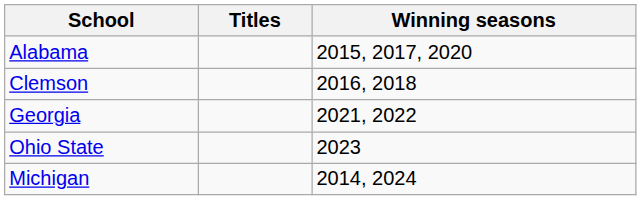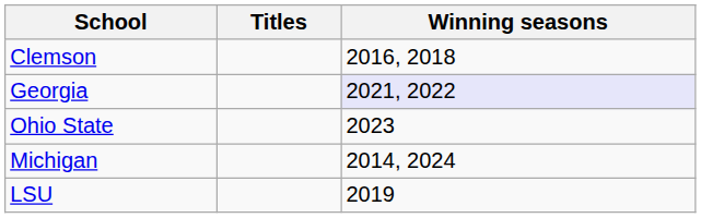 <table class="wikitable sortable" style="width:40%">
 <tr>
 <th width=px>School</th>
 <th width=px>Titles</th>
 <th width=px>Winning seasons</th>
-</tr>
-<tr>
-<td><a href='#'>Alabama</a></td>
-<td></td>
-<td>2015, 2017, 2020</td>
 </tr>
 <tr>
 <td><a href='#'>Clemson</a></td>
 <td></td>
 <td>2016, 2018</td>
 </tr>
 <tr>
 <td><a href='#'>Georgia</a></td>
 <td></td>
-<td>2021, 2022</td>
+<td style="background: lavender;">2021, 2022</td>
 </tr>
 <tr>
 <td><a href='#'>Ohio State</a></td>
 <td></td>
 <td>2023</td>
 </tr>
 <tr>
 <td><a href='#'>Michigan</a></td>
 <td></td>
 <td>2014, 2024</td>
 </tr>
+<tr>
+<td><a href='#'>LSU</a></td>
+<td></td>
+<td>2019</td>
+</tr>
 </table>
